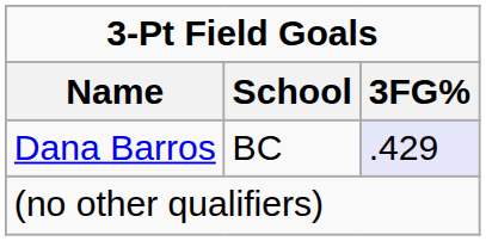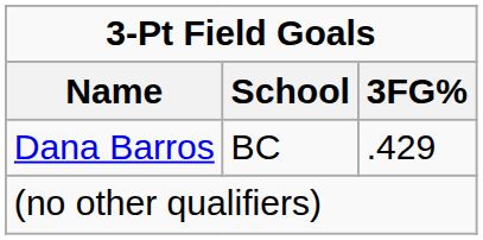 <table class="wikitable">
 <tr>
 <td colspan=3 style="text-align:center;"><strong>3-Pt Field Goals</strong></td>
 </tr>
 <tr>
 <th>Name</th>
 <th>School</th>
 <th>3FG%</th>
 </tr>
 <tr>
 <td><a href='#'>Dana Barros</a></td>
 <td>BC</td>
-<td style="background: lavender;">.429</td>
+<td>.429</td>
 </tr>
 <tr>
 <td colspan=3>(no other qualifiers)</td>
 </tr>
 </table>
